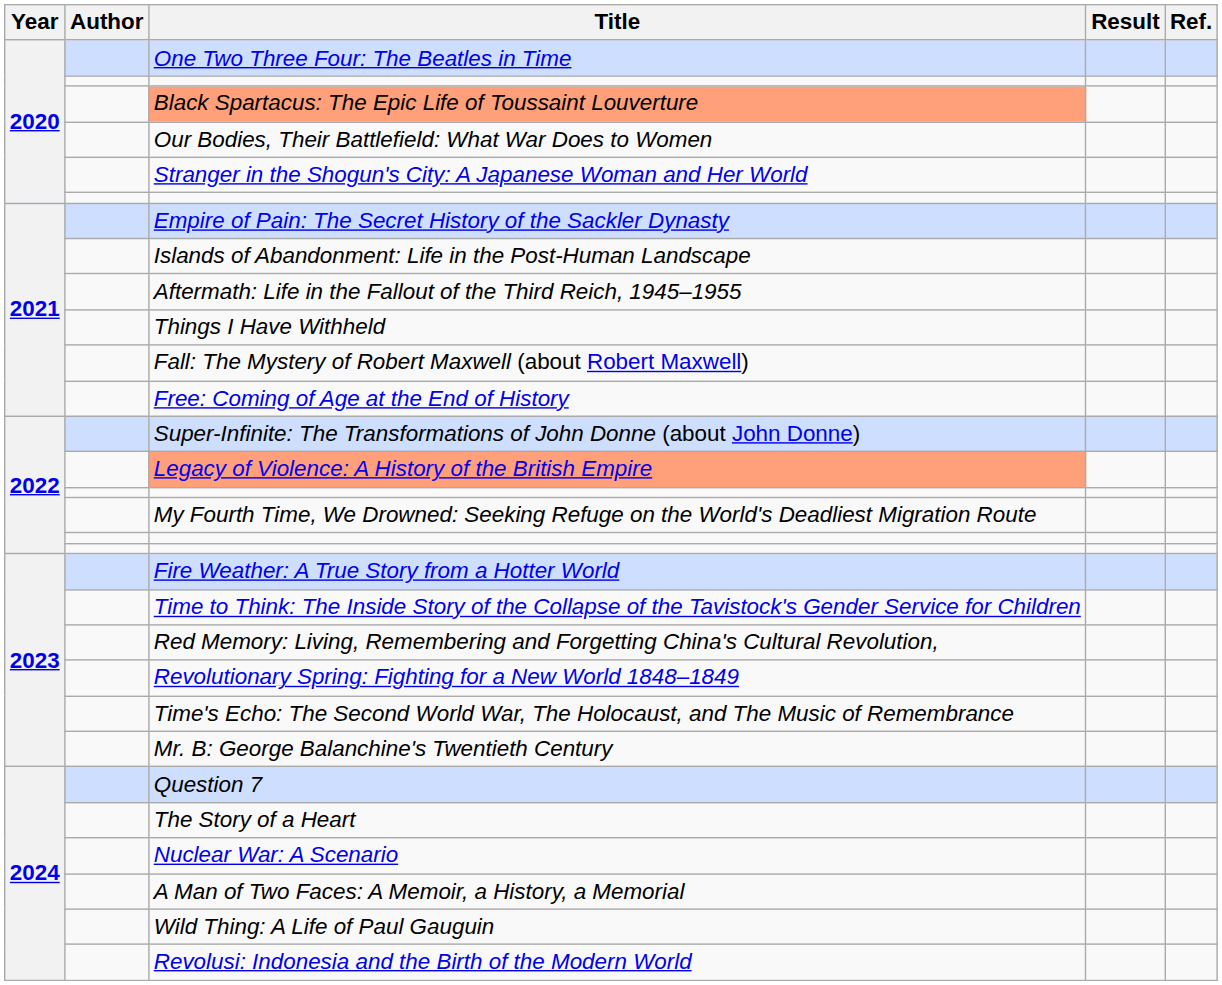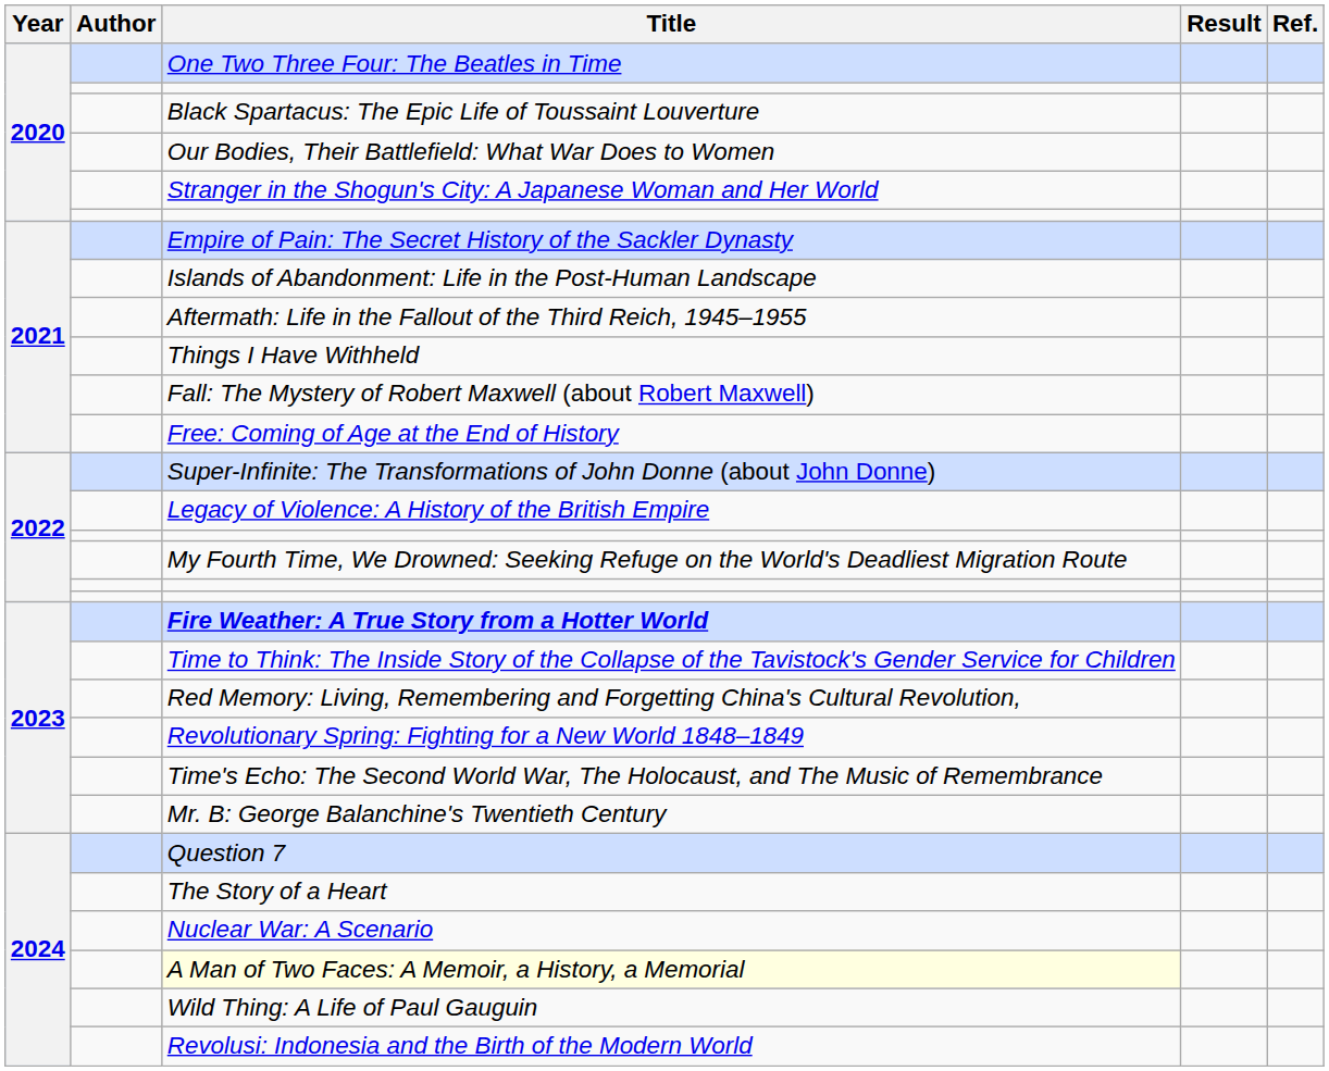 <table class="wikitable sortable mw-collapsible">
 <tr>
 <th>Year</th>
 <th>Author</th>
 <th>Title</th>
 <th>Result</th>
 <th>Ref.</th>
 </tr>
 <tr style="background:#cddeff">
 <th rowspan="6"><a href='#'>2020</a></th>
 <td></td>
 <td><em><a href='#'>One Two Three Four: The Beatles in Time</a></em></td>
 <td></td>
 <td></td>
 </tr>
 <tr>
 <td></td>
 <td><em></em></td>
 <td></td>
 <td></td>
 </tr>
 <tr>
 <td></td>
-<td style="background: lightsalmon;"><em>Black Spartacus: The Epic Life of Toussaint Louverture</em></td>
+<td><em>Black Spartacus: The Epic Life of Toussaint Louverture</em></td>
 <td></td>
 <td></td>
 </tr>
 <tr>
 <td></td>
 <td><em>Our Bodies, Their Battlefield: What War Does to Women</em></td>
 <td></td>
 <td></td>
 </tr>
 <tr>
 <td></td>
 <td><em><a href='#'>Stranger in the Shogun's City: A Japanese Woman and Her World</a></em></td>
 <td></td>
 <td></td>
 </tr>
 <tr>
 <td></td>
 <td><em></em></td>
 <td></td>
 <td></td>
 </tr>
 <tr style="background:#cddeff">
 <th rowspan="6"><a href='#'>2021</a></th>
 <td></td>
 <td><em><a href='#'>Empire of Pain: The Secret History of the Sackler Dynasty</a></em></td>
 <td></td>
 <td></td>
 </tr>
 <tr>
 <td></td>
 <td><em>Islands of Abandonment: Life in the Post-Human Landscape</em></td>
 <td></td>
 <td></td>
 </tr>
 <tr>
 <td></td>
 <td><em>Aftermath: Life in the Fallout of the Third Reich, 1945–1955 </em></td>
 <td></td>
 <td></td>
 </tr>
 <tr>
 <td></td>
 <td><em>Things I Have Withheld</em></td>
 <td></td>
 <td></td>
 </tr>
 <tr>
 <td></td>
 <td><em>Fall: The Mystery of Robert Maxwell </em>(about <a href='#'>Robert Maxwell</a>)</td>
 <td></td>
 <td></td>
 </tr>
 <tr>
 <td></td>
 <td><em><a href='#'>Free: Coming of Age at the End of History</a> </em></td>
 <td></td>
 <td></td>
 </tr>
 <tr style="background:#cddeff">
 <th rowspan="6"><a href='#'>2022</a></th>
 <td></td>
 <td><em>Super-Infinite: The Transformations of John Donne</em> (about <a href='#'>John Donne</a>)</td>
 <td></td>
 <td></td>
 </tr>
 <tr>
 <td></td>
-<td style="background: lightsalmon;"><em><a href='#'>Legacy of Violence: A History of the British Empire</a></em></td>
+<td><em><a href='#'>Legacy of Violence: A History of the British Empire</a></em></td>
 <td></td>
 <td></td>
 </tr>
 <tr>
 <td></td>
 <td><em></em></td>
 <td></td>
 <td></td>
 </tr>
 <tr>
 <td></td>
 <td><em>My Fourth Time, We Drowned: Seeking Refuge on the World's Deadliest Migration Route</em></td>
 <td></td>
 <td></td>
 </tr>
 <tr>
 <td></td>
 <td><em></em></td>
 <td></td>
 <td></td>
 </tr>
 <tr>
 <td></td>
 <td><em></em></td>
 <td></td>
 <td></td>
 </tr>
 <tr style="background:#cddeff">
 <th rowspan="6"><a href='#'>2023</a></th>
 <td></td>
-<td><em><a href='#'>Fire Weather: A True Story from a Hotter World</a></em></td>
+<td><strong><em><a href='#'>Fire Weather: A True Story from a Hotter World</a></em></strong></td>
 <td></td>
 <td></td>
 </tr>
 <tr style="background:#">
 <td></td>
 <td><em><a href='#'>Time to Think: The Inside Story of the Collapse of the Tavistock's Gender Service for Children</a></em></td>
 <td></td>
 <td></td>
 </tr>
 <tr>
 <td></td>
 <td><em>Red Memory: Living, Remembering and Forgetting China's Cultural Revolution,</em></td>
 <td></td>
 <td></td>
 </tr>
 <tr>
 <td></td>
 <td><em><a href='#'>Revolutionary Spring: Fighting for a New World 1848–1849</a></em></td>
 <td></td>
 <td></td>
 </tr>
 <tr>
 <td></td>
 <td><em>Time's Echo: The Second World War, The Holocaust, and The Music of Remembrance</em></td>
 <td></td>
 <td></td>
 </tr>
 <tr>
 <td></td>
 <td><em>Mr. B: George Balanchine's Twentieth Century</em></td>
 <td></td>
 <td></td>
 </tr>
 <tr style="background:#cddeff">
 <th rowspan="6"><a href='#'>2024</a></th>
 <td></td>
 <td><em>Question 7</em></td>
 <td></td>
 <td></td>
 </tr>
 <tr style="background:#">
 <td></td>
 <td><em>The Story of a Heart</em></td>
 <td></td>
 <td></td>
 </tr>
 <tr>
 <td></td>
 <td><em><a href='#'>Nuclear War: A Scenario</a></em></td>
 <td></td>
 <td></td>
 </tr>
 <tr>
 <td></td>
-<td><em>A Man of Two Faces: A Memoir, a History, a Memorial</em></td>
+<td style="background: lightyellow;"><em>A Man of Two Faces: A Memoir, a History, a Memorial</em></td>
 <td></td>
 <td></td>
 </tr>
 <tr>
 <td></td>
 <td><em>Wild Thing: A Life of Paul Gauguin</em></td>
 <td></td>
 <td></td>
 </tr>
 <tr>
 <td></td>
 <td><em><a href='#'>Revolusi: Indonesia and the Birth of the Modern World</a></em></td>
 <td></td>
 <td></td>
 </tr>
 </table>
